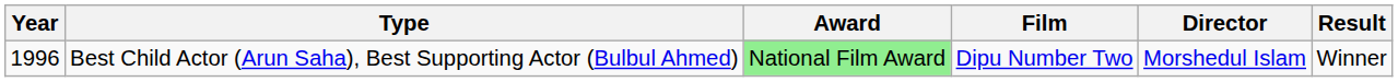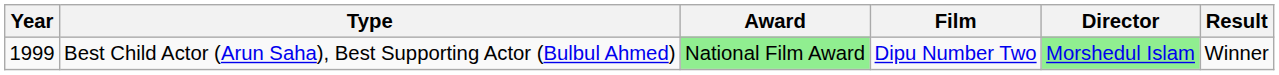 <table class="wikitable" style="font-size: 90%;">
 <tr>
 <th>Year</th>
 <th>Type</th>
 <th>Award</th>
 <th>Film</th>
 <th>Director</th>
 <th>Result</th>
 </tr>
 <tr>
-<td>1996</td>
+<td>1999</td>
 <td>Best Child Actor (<a href='#'>Arun Saha</a>), Best Supporting Actor (<a href='#'>Bulbul Ahmed</a>)</td>
 <td style="background: lightgreen;">National Film Award</td>
 <td><a href='#'>Dipu Number Two</a></td>
-<td><a href='#'>Morshedul Islam</a></td>
+<td style="background: lightgreen;"><a href='#'>Morshedul Islam</a></td>
 <td>Winner</td>
 </tr>
 </table>
